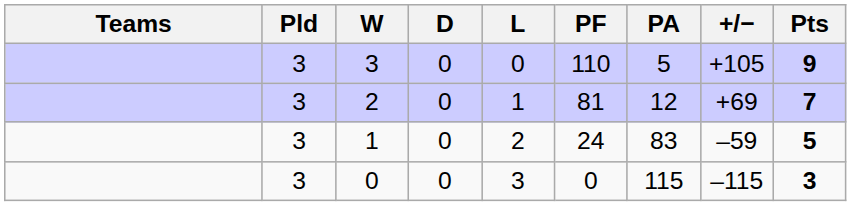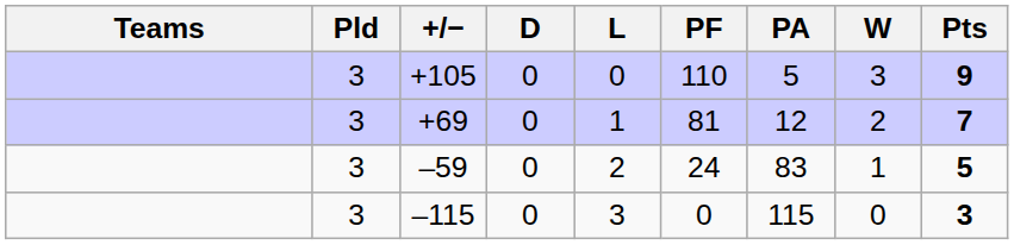 <table class="wikitable" style="text-align: center;">
 <tr>
 <th width="160">Teams</th>
 <th width="40">Pld</th>
-<th width="40">W</th>
+<th width="40">+/−</th>
 <th width="40">D</th>
 <th width="40">L</th>
 <th width="40">PF</th>
 <th width="40">PA</th>
-<th width="40">+/−</th>
+<th width="40">W</th>
 <th width="40">Pts</th>
 </tr>
 <tr bgcolor=ccccff>
 <td align=left></td>
 <td>3</td>
-<td>3</td>
+<td>+105</td>
 <td>0</td>
 <td>0</td>
 <td>110</td>
 <td>5</td>
-<td>+105</td>
+<td>3</td>
 <td><strong>9</strong></td>
 </tr>
 <tr bgcolor=ccccff>
 <td align=left></td>
 <td>3</td>
-<td>2</td>
+<td>+69</td>
 <td>0</td>
 <td>1</td>
 <td>81</td>
 <td>12</td>
-<td>+69</td>
+<td>2</td>
 <td><strong>7</strong></td>
 </tr>
 <tr>
 <td align=left></td>
 <td>3</td>
-<td>1</td>
+<td>–59</td>
 <td>0</td>
 <td>2</td>
 <td>24</td>
 <td>83</td>
-<td>–59</td>
+<td>1</td>
 <td><strong>5</strong></td>
 </tr>
 <tr>
 <td align=left></td>
 <td>3</td>
-<td>0</td>
+<td>–115</td>
 <td>0</td>
 <td>3</td>
 <td>0</td>
 <td>115</td>
-<td>–115</td>
+<td>0</td>
 <td><strong>3</strong></td>
 </tr>
 </table>
